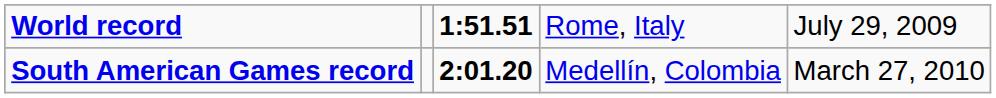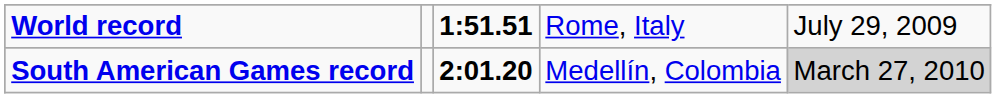 <table class="wikitable">
 <tr>
 <td><strong><a href='#'>World record</a></strong></td>
 <td></td>
 <td><strong>1:51.51</strong></td>
 <td><a href='#'>Rome</a>, <a href='#'>Italy</a></td>
 <td>July 29, 2009</td>
 </tr>
 <tr>
 <td><strong><a href='#'>South American Games record</a></strong></td>
 <td></td>
 <td><strong>2:01.20</strong></td>
 <td><a href='#'>Medellín</a>, <a href='#'>Colombia</a></td>
-<td>March 27, 2010</td>
+<td style="background: lightgrey;">March 27, 2010</td>
 </tr>
 </table>
